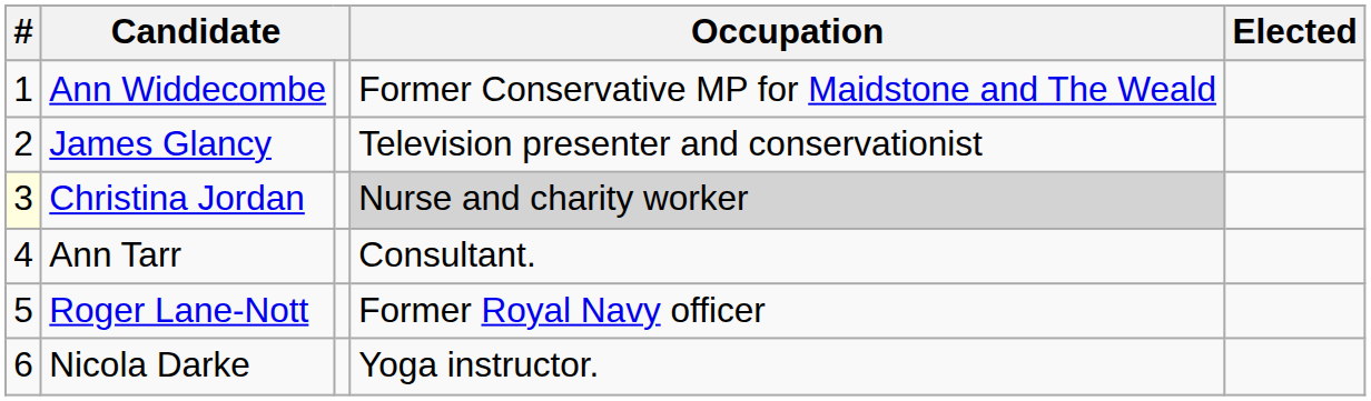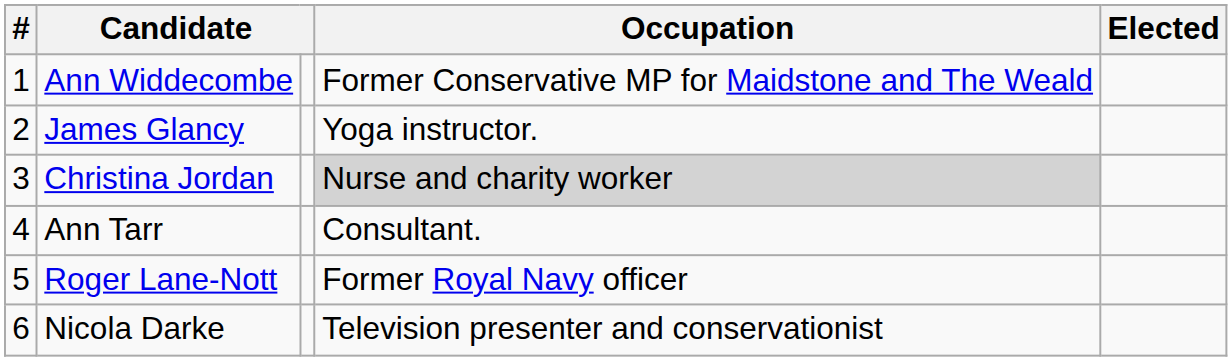 <table class="wikitable">
 <tr>
 <th>#</th>
 <th colspan="2">Candidate</th>
 <th>Occupation</th>
 <th>Elected</th>
 </tr>
 <tr>
 <td>1</td>
 <td><a href='#'>Ann Widdecombe</a></td>
 <td></td>
 <td>Former Conservative MP for <a href='#'>Maidstone and The Weald</a></td>
 <td></td>
 </tr>
 <tr>
 <td>2</td>
 <td><a href='#'>James Glancy</a></td>
 <td></td>
-<td>Television presenter and conservationist</td>
+<td>Yoga instructor.</td>
 <td></td>
 </tr>
 <tr>
-<td style="background: lightyellow;">3</td>
+<td>3</td>
 <td><a href='#'>Christina Jordan</a></td>
 <td></td>
 <td style="background: lightgrey;">Nurse and charity worker</td>
 <td></td>
 </tr>
 <tr>
 <td>4</td>
 <td>Ann Tarr</td>
 <td></td>
 <td>Consultant.</td>
 <td></td>
 </tr>
 <tr>
 <td>5</td>
 <td><a href='#'>Roger Lane-Nott</a></td>
 <td></td>
 <td>Former <a href='#'>Royal Navy</a> officer</td>
 <td></td>
 </tr>
 <tr>
 <td>6</td>
 <td>Nicola Darke</td>
 <td></td>
-<td>Yoga instructor.</td>
+<td>Television presenter and conservationist</td>
 <td></td>
 </tr>
 </table>
